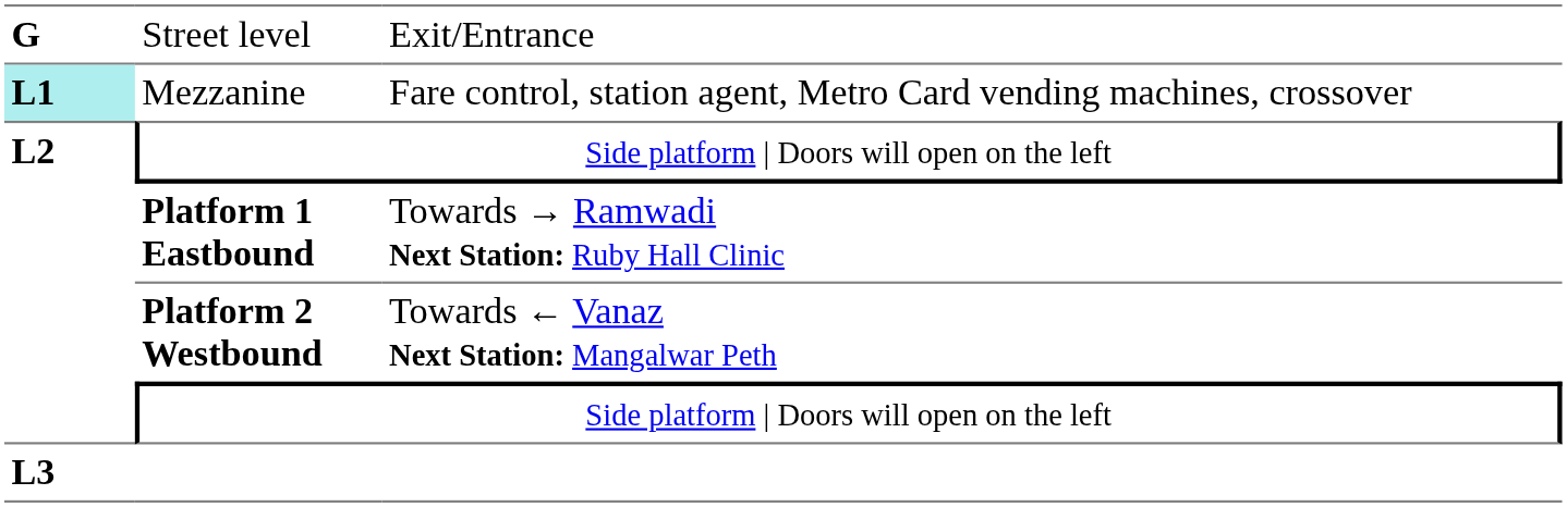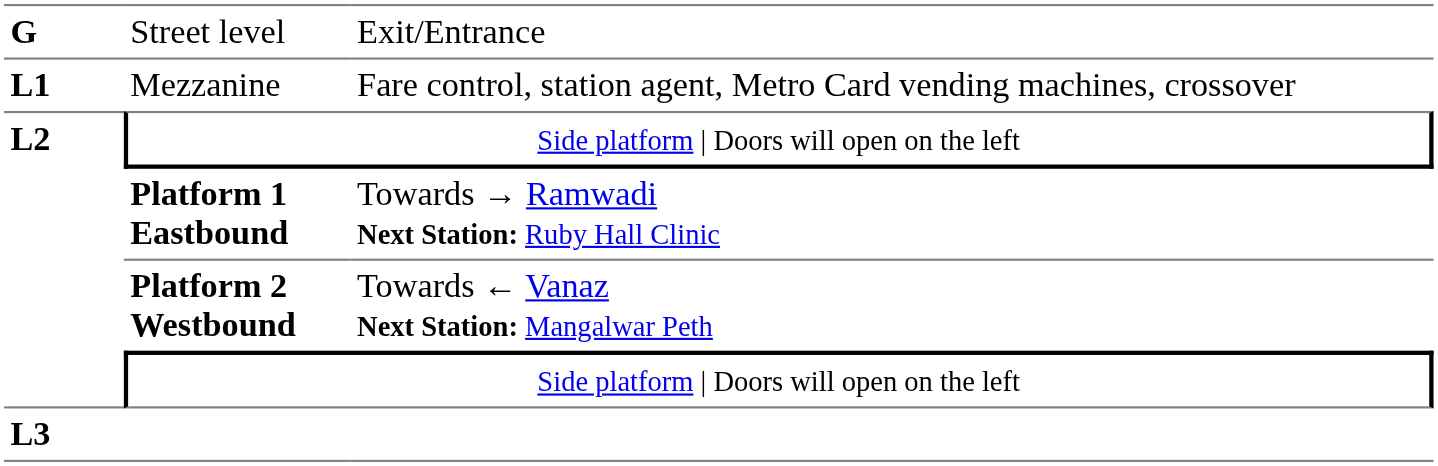 <table table border=0 cellspacing=0 cellpadding=3>
 <tr>
 <td style="border-bottom:solid 1px grey;border-top:solid 1px grey;" width=50 valign=top><strong>G</strong></td>
 <td style="border-top:solid 1px grey;border-bottom:solid 1px grey;" width=100 valign=top>Street level</td>
 <td style="border-top:solid 1px grey;border-bottom:solid 1px grey;" width=500 valign=top>Exit/Entrance</td>
 </tr>
 <tr>
-<td valign=top style="background: paleturquoise;"><strong>L1</strong></td>
+<td valign=top><strong>L1</strong></td>
 <td valign=top>Mezzanine</td>
 <td valign=top>Fare control, station agent, Metro Card vending machines, crossover<br></td>
 </tr>
 <tr>
 <td style="border-top:solid 1px grey;border-bottom:solid 1px grey;" width=50 rowspan=4 valign=top><strong>L2</strong></td>
 <td style="border-top:solid 1px grey;border-right:solid 2px black;border-left:solid 2px black;border-bottom:solid 2px black;text-align:center;" colspan=2><small><a href='#'>Side platform</a> | Doors will open on the left </small></td>
 </tr>
 <tr>
 <td style="border-bottom:solid 1px grey;" width=100><span><strong>Platform 1</strong><br><strong>Eastbound</strong></span></td>
 <td style="border-bottom:solid 1px grey;" width=500>Towards → <a href='#'>Ramwadi</a><br><small><strong>Next Station:</strong> <a href='#'>Ruby Hall Clinic</a></small></td>
 </tr>
 <tr>
 <td><span><strong>Platform 2</strong><br><strong>Westbound</strong></span></td>
 <td>Towards ← <a href='#'>Vanaz</a><br><small><strong>Next Station:</strong> <a href='#'>Mangalwar Peth</a></small></td>
 </tr>
 <tr>
 <td style="border-top:solid 2px black;border-right:solid 2px black;border-left:solid 2px black;border-bottom:solid 1px grey;" colspan=2  align=center><small><a href='#'>Side platform</a> | Doors will open on the left </small></td>
 </tr>
 <tr>
 <td style="border-bottom:solid 1px grey;" width=50 rowspan=2 valign=top><strong>L3</strong></td>
 <td style="border-bottom:solid 1px grey;" width=100></td>
 <td style="border-bottom:solid 1px grey;" width=500></td>
 </tr>
 <tr>
 </tr>
 </table>
